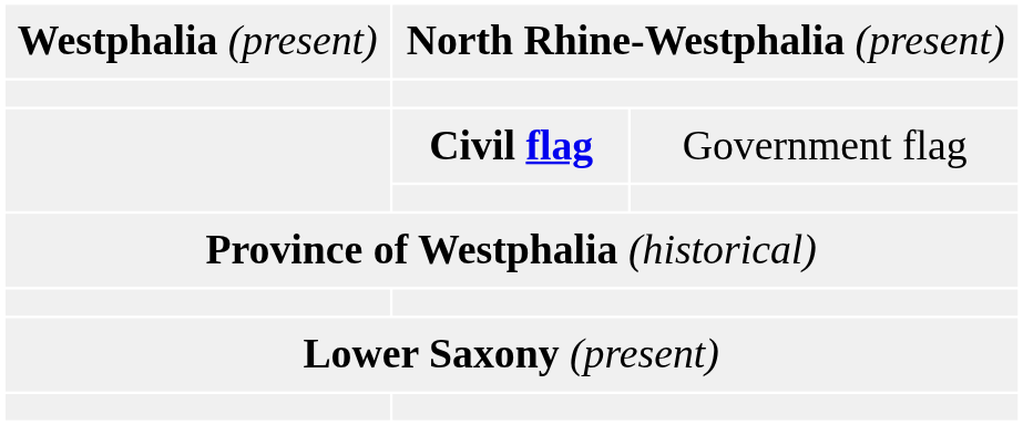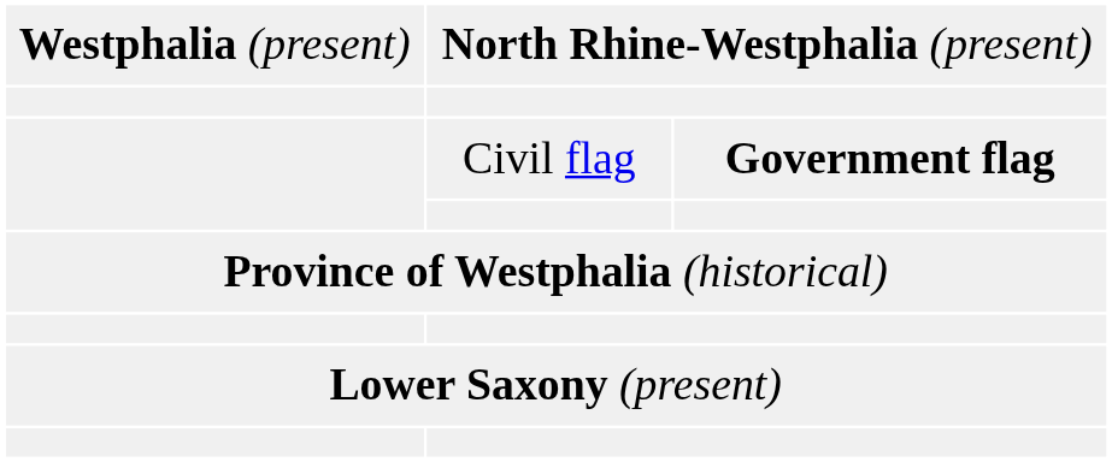 <table border="0" cellpadding="5" cellspacing="1" align="center" style="float:right">
 <tr>
 <td style="background:#f0f0f0;" align="center"><strong>Westphalia</strong> <em>(present)</em></td>
 <td style="background:#f0f0f0;" colspan=2 align="center"><strong>North Rhine-Westphalia</strong> <em>(present)</em></td>
 </tr>
 <tr>
 <td style="background:#f0f0f0;" align="center"></td>
 <td style="background:#f0f0f0;" colspan=2 align="center"></td>
 </tr>
 <tr>
 <td style="background:#f0f0f0;" rowspan=2 align="center" valign="bottom"></td>
-<td style="background:#f0f0f0;" align="center"><strong>Civil <a href='#'>flag</a></strong></td>
-<td style="background:#f0f0f0;" align="center">Government flag</td>
+<td style="background:#f0f0f0;" align="center">Civil <a href='#'>flag</a></td>
+<td style="background:#f0f0f0;" align="center"><strong>Government flag</strong></td>
 </tr>
 <tr>
 <td style="background:#f0f0f0;" align="center"></td>
 <td style="background:#f0f0f0;" align="center"></td>
 </tr>
 <tr>
 <td style="background:#f0f0f0;" colspan=3 align="center"><strong>Province of Westphalia</strong> <em>(historical)</em></td>
 </tr>
 <tr>
 <td style="background:#f0f0f0;" align="center"></td>
 <td style="background:#f0f0f0;" colspan=2 align="center"></td>
 </tr>
 <tr>
 <td style="background:#f0f0f0;" colspan=3 align="center"><strong>Lower Saxony</strong> <em>(present)</em></td>
 </tr>
 <tr>
 <td style="background:#f0f0f0;" align="center"></td>
 <td style="background:#f0f0f0;" colspan=2 align="center"></td>
 </tr>
 </table>
